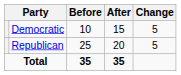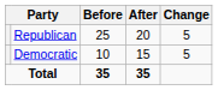 <table class="wikitable" style="text-align:center;">
 <tr>
 <th colspan="2">Party</th>
 <th>Before</th>
 <th>After</th>
 <th>Change</th>
 </tr>
 <tr>
 <th style="background-color:"></th>
-<td style="text-align:left;"><a href='#'>Democratic</a></td>
-<td>10</td>
-<td>15</td>
+<td style="text-align:left;"><a href='#'>Republican</a></td>
+<td>25</td>
+<td>20</td>
 <td> 5</td>
 </tr>
 <tr>
 <th style="background-color:"></th>
-<td style="text-align:left;"><a href='#'>Republican</a></td>
-<td>25</td>
-<td>20</td>
+<td style="text-align:left;"><a href='#'>Democratic</a></td>
+<td>10</td>
+<td>15</td>
 <td> 5</td>
 </tr>
 <tr>
 <td colspan="2"><strong>Total</strong></td>
 <td><strong>35</strong></td>
 <td><strong>35</strong></td>
 <td></td>
 </tr>
 </table>
